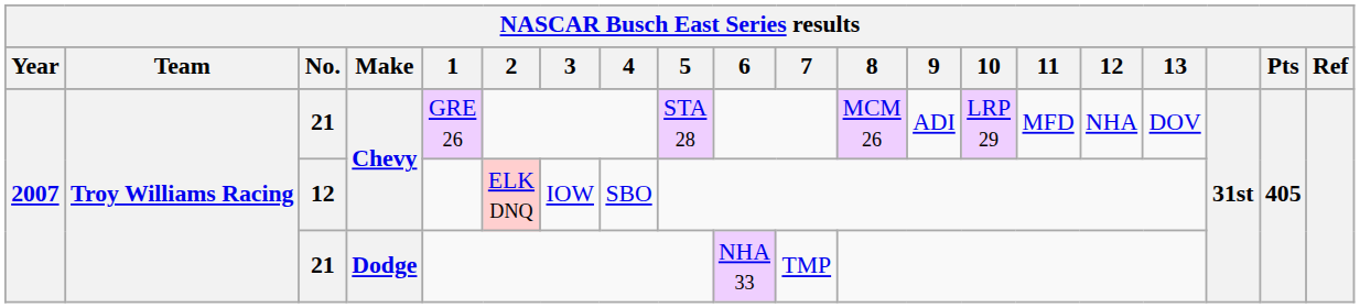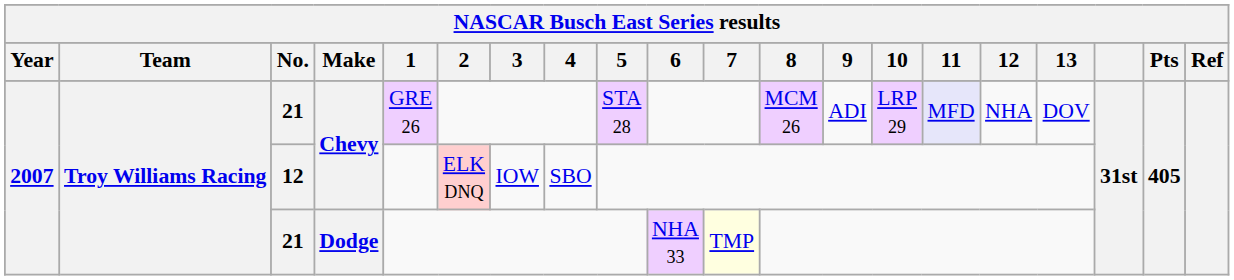 <table class="wikitable" style="text-align:center; font-size:75%">
 <tr>
 <th colspan=45><a href='#'>NASCAR Busch East Series</a> results</th>
 </tr>
 <tr>
 <th>Year</th>
 <th>Team</th>
 <th>No.</th>
 <th>Make</th>
 <th>1</th>
 <th>2</th>
 <th>3</th>
 <th>4</th>
 <th>5</th>
 <th>6</th>
 <th>7</th>
 <th>8</th>
 <th>9</th>
 <th>10</th>
 <th>11</th>
 <th>12</th>
 <th>13</th>
 <th></th>
 <th>Pts</th>
 <th>Ref</th>
 </tr>
 <tr>
 <th rowspan=3><a href='#'>2007</a></th>
 <th rowspan=3><a href='#'>Troy Williams Racing</a></th>
 <th>21</th>
 <th rowspan=2><a href='#'>Chevy</a></th>
 <td style="background:#EFCFFF;"><a href='#'>GRE</a><br><small>26</small></td>
 <td colspan=3></td>
 <td style="background:#EFCFFF;"><a href='#'>STA</a><br><small>28</small></td>
 <td colspan=2></td>
 <td style="background:#EFCFFF;"><a href='#'>MCM</a><br><small>26</small></td>
 <td><a href='#'>ADI</a></td>
 <td style="background:#EFCFFF;"><a href='#'>LRP</a><br><small>29</small></td>
-<td><a href='#'>MFD</a></td>
+<td style="background: lavender;"><a href='#'>MFD</a></td>
 <td><a href='#'>NHA</a></td>
 <td><a href='#'>DOV</a></td>
 <th rowspan=3>31st</th>
 <th rowspan=3>405</th>
 <th rowspan=3></th>
 </tr>
 <tr>
 <th>12</th>
 <td></td>
 <td style="background:#FFCFCF;"><a href='#'>ELK</a><br><small>DNQ</small></td>
 <td><a href='#'>IOW</a></td>
 <td><a href='#'>SBO</a></td>
 </tr>
 <tr>
 <th>21</th>
 <th><a href='#'>Dodge</a></th>
 <td colspan=5></td>
 <td style="background:#EFCFFF;"><a href='#'>NHA</a><br><small>33</small></td>
-<td><a href='#'>TMP</a></td>
+<td style="background: lightyellow;"><a href='#'>TMP</a></td>
 <td colspan=6></td>
 </tr>
 </table>
